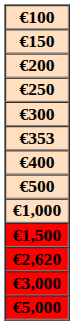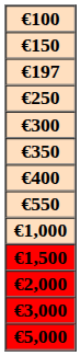 <table border=1 cellspacing=0 cellpadding =1 width=60px|->
 <tr>
 <td bgcolor="#FFDFBF" align=center><strong>€100</strong></td>
 </tr>
 <tr>
 <td bgcolor="#FFDFBF" align=center><strong>€150</strong></td>
 </tr>
 <tr>
-<td bgcolor="#FFDFBF" align=center><strong>€200</strong></td>
+<td bgcolor="#FFDFBF" align=center><strong>€197</strong></td>
 </tr>
 <tr>
 <td bgcolor="#FFDFBF" align=center><strong>€250</strong></td>
 </tr>
 <tr>
 <td bgcolor="#FFDFBF" align=center><strong>€300</strong></td>
 </tr>
 <tr>
-<td bgcolor="#FFDFBF" align=center><strong>€353</strong></td>
+<td bgcolor="#FFDFBF" align=center><strong>€350</strong></td>
 </tr>
 <tr>
 <td bgcolor="#FFDFBF" align=center><strong>€400</strong></td>
 </tr>
 <tr>
-<td bgcolor="#FFDFBF" align=center><strong>€500</strong></td>
+<td bgcolor="#FFDFBF" align=center><strong>€550</strong></td>
 </tr>
 <tr>
 <td bgcolor="#FFDFBF" align=center><strong>€1,000</strong></td>
 </tr>
 <tr>
 <td bgcolor="#FF0000" align=center><span><strong>€1,500</strong></span></td>
 </tr>
 <tr>
-<td bgcolor="#FF0000" align=center><span><strong>€2,620</strong></span></td>
+<td bgcolor="#FF0000" align=center><span><strong>€2,000</strong></span></td>
 </tr>
 <tr>
 <td bgcolor="#FF0000" align=center><span><strong>€3,000</strong></span></td>
 </tr>
 <tr>
 <td bgcolor="#FF0000" align=center><span><strong>€5,000</strong></span></td>
 </tr>
 </table>
